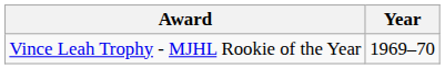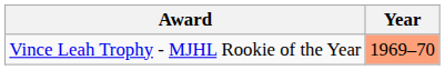 <table class="wikitable">
 <tr>
 <th>Award</th>
 <th>Year</th>
 </tr>
 <tr>
 <td><a href='#'>Vince Leah Trophy</a> - <a href='#'>MJHL</a> Rookie of the Year</td>
-<td>1969–70</td>
+<td style="background: lightsalmon;">1969–70</td>
 </tr>
 </table>
